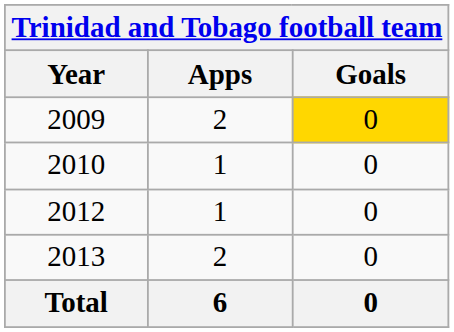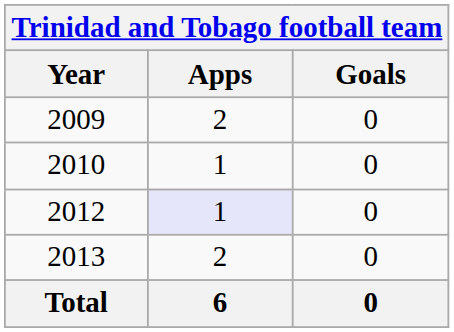 <table class="wikitable" style="text-align:center">
 <tr>
 <th colspan=3><a href='#'>Trinidad and Tobago football team</a></th>
 </tr>
 <tr>
 <th>Year</th>
 <th>Apps</th>
 <th>Goals</th>
 </tr>
 <tr>
 <td>2009</td>
 <td>2</td>
-<td style="background: gold;">0</td>
+<td>0</td>
 </tr>
 <tr>
 <td>2010</td>
 <td>1</td>
 <td>0</td>
 </tr>
 <tr>
 <td>2012</td>
-<td>1</td>
+<td style="background: lavender;">1</td>
 <td>0</td>
 </tr>
 <tr>
 <td>2013</td>
 <td>2</td>
 <td>0</td>
 </tr>
 <tr>
 <th>Total</th>
 <th>6</th>
 <th>0</th>
 </tr>
 </table>
